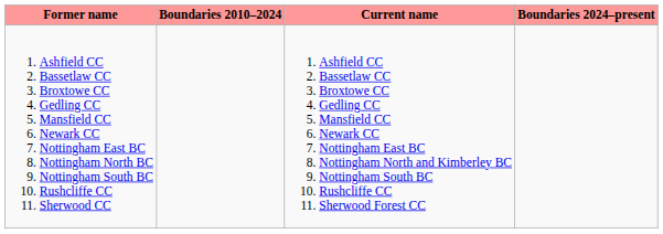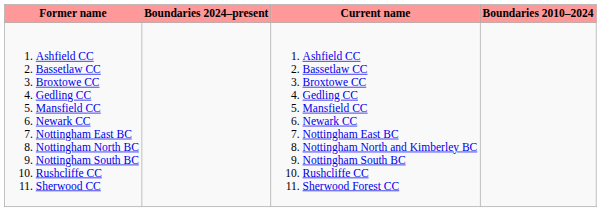 <table class="wikitable">
 <tr>
 <th style="background-color:#ff9999"><strong>Former name</strong></th>
+<th style="background-color:#ff9999">Boundaries  2024–present</th>
+<th style="background-color:#ff9999" !>Current name</th>
 <th style="background-color:#ff9999">Boundaries 2010–2024</th>
-<th style="background-color:#ff9999" !>Current name</th>
-<th style="background-color:#ff9999">Boundaries  2024–present</th>
 </tr>
 <tr>
 <td><br><ol><li><a href='#'>Ashfield CC</a></li><li><a href='#'>Bassetlaw CC</a></li><li><a href='#'>Broxtowe CC</a></li><li><a href='#'>Gedling CC</a></li><li><a href='#'>Mansfield CC</a></li><li><a href='#'>Newark CC</a></li><li><a href='#'>Nottingham East BC</a></li><li><a href='#'>Nottingham North BC</a></li><li><a href='#'>Nottingham South BC</a></li><li><a href='#'>Rushcliffe CC</a></li><li><a href='#'>Sherwood CC</a></li></ol></td>
 <td></td>
 <td><br><ol><li><a href='#'>Ashfield CC</a></li><li><a href='#'>Bassetlaw CC</a></li><li><a href='#'>Broxtowe CC</a></li><li><a href='#'>Gedling CC</a></li><li><a href='#'>Mansfield CC</a></li><li><a href='#'>Newark CC</a></li><li><a href='#'>Nottingham East BC</a></li><li><a href='#'>Nottingham North and Kimberley BC</a></li><li><a href='#'>Nottingham South BC</a></li><li><a href='#'>Rushcliffe CC</a></li><li><a href='#'>Sherwood Forest CC</a></li></ol></td>
 <td></td>
 </tr>
 </table>
